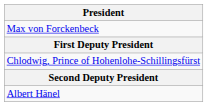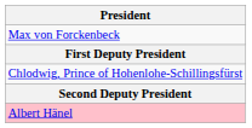 <table class="wikitable">
 <tr>
 <th>President</th>
 </tr>
 <tr>
 <td><a href='#'>Max von Forckenbeck</a></td>
 </tr>
 <tr>
 <th>First Deputy President</th>
 </tr>
 <tr>
 <td><a href='#'>Chlodwig, Prince of Hohenlohe-Schillingsfürst</a></td>
 </tr>
 <tr>
 <th>Second Deputy President</th>
 </tr>
 <tr>
-<td><a href='#'>Albert Hänel</a></td>
+<td style="background: pink;"><a href='#'>Albert Hänel</a></td>
 </tr>
 </table>
